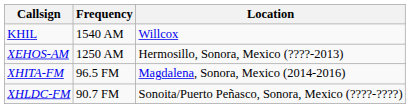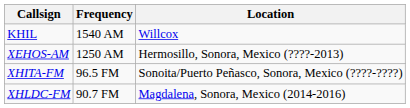 <table class="wikitable">
 <tr>
 <th>Callsign</th>
 <th>Frequency</th>
 <th>Location</th>
 </tr>
 <tr>
 <td><a href='#'>KHIL</a></td>
 <td>1540 AM</td>
 <td><a href='#'>Willcox</a></td>
 </tr>
 <tr>
 <td><em><a href='#'>XEHOS-AM</a></em></td>
 <td>1250 AM</td>
 <td>Hermosillo, Sonora, Mexico (????-2013)</td>
 </tr>
 <tr>
 <td><em><a href='#'>XHITA-FM</a></em></td>
 <td>96.5 FM</td>
-<td><a href='#'>Magdalena</a>, Sonora, Mexico (2014-2016)</td>
+<td>Sonoita/Puerto Peñasco, Sonora, Mexico (????-????)</td>
 </tr>
 <tr>
 <td><em><a href='#'>XHLDC-FM</a></em></td>
 <td>90.7 FM</td>
-<td>Sonoita/Puerto Peñasco, Sonora, Mexico (????-????)</td>
+<td><a href='#'>Magdalena</a>, Sonora, Mexico (2014-2016)</td>
 </tr>
 </table>
